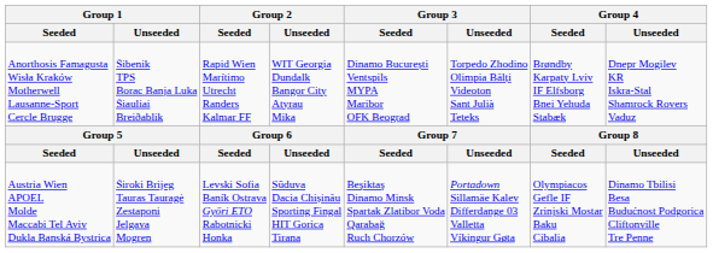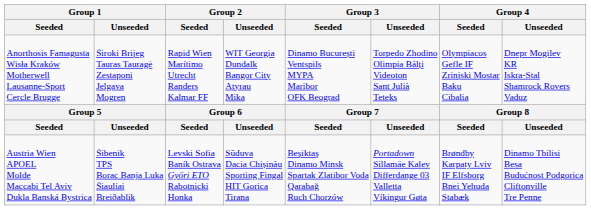 <table class="wikitable" style="font-size:85%">
 <tr>
 <th colspan=2>Group 1</th>
 <th colspan=2>Group 2</th>
 <th colspan=2>Group 3</th>
 <th colspan=2>Group 4</th>
 </tr>
 <tr>
 <th>Seeded</th>
 <th>Unseeded</th>
 <th>Seeded</th>
 <th>Unseeded</th>
 <th>Seeded</th>
 <th>Unseeded</th>
 <th>Seeded</th>
 <th>Unseeded</th>
 </tr>
 <tr>
 <td valign=top><br> <a href='#'>Anorthosis Famagusta</a><br>  <a href='#'>Wisła Kraków</a><br>  <a href='#'>Motherwell</a><br>  <a href='#'>Lausanne-Sport</a><br>  <a href='#'>Cercle Brugge</a></td>
-<td valign=top><br> <a href='#'>Šibenik</a><br>  <a href='#'>TPS</a><br>  <a href='#'>Borac Banja Luka</a><br>  <a href='#'>Šiauliai</a><br>  <a href='#'>Breiðablik</a></td>
+<td valign=top><br> <a href='#'>Široki Brijeg</a><br>  <a href='#'>Tauras Tauragė</a><br>  <a href='#'>Zestaponi</a><br>  <a href='#'>Jelgava</a><br>  <a href='#'>Mogren</a></td>
 <td valign=top><br> <a href='#'>Rapid Wien</a><br>  <a href='#'>Marítimo</a><br>  <a href='#'>Utrecht</a><br>  <a href='#'>Randers</a><br>  <a href='#'>Kalmar FF</a></td>
 <td valign=top><br> <a href='#'>WIT Georgia</a><br>  <a href='#'>Dundalk</a><br>  <a href='#'>Bangor City</a><br>  <a href='#'>Atyrau</a><br>  <a href='#'>Mika</a></td>
 <td valign=top><br> <a href='#'>Dinamo București</a><br>  <a href='#'>Ventspils</a><br>  <a href='#'>MYPA</a><br>  <a href='#'>Maribor</a><br>  <a href='#'>OFK Beograd</a></td>
 <td valign=top><br> <a href='#'>Torpedo Zhodino</a><br>  <a href='#'>Olimpia Bălți</a><br>  <a href='#'>Videoton</a><br>  <a href='#'>Sant Julià</a><br>  <a href='#'>Teteks</a></td>
-<td valign=top><br> <a href='#'>Brøndby</a><br>  <a href='#'>Karpaty Lviv</a><br>  <a href='#'>IF Elfsborg</a><br>  <a href='#'>Bnei Yehuda</a><br>  <a href='#'>Stabæk</a></td>
+<td valign=top><br> <a href='#'>Olympiacos</a><br>  <a href='#'>Gefle IF</a><br>  <a href='#'>Zrinjski Mostar</a><br>  <a href='#'>Baku</a><br>  <a href='#'>Cibalia</a></td>
 <td valign=top><br> <a href='#'>Dnepr Mogilev</a><br>  <a href='#'>KR</a><br>  <a href='#'>Iskra-Stal</a><br>  <a href='#'>Shamrock Rovers</a><br>  <a href='#'>Vaduz</a></td>
 </tr>
 <tr>
 <th colspan=2>Group 5</th>
 <th colspan=2>Group 6</th>
 <th colspan=2>Group 7</th>
 <th colspan=2>Group 8</th>
 </tr>
 <tr>
 <th>Seeded</th>
 <th>Unseeded</th>
 <th>Seeded</th>
 <th>Unseeded</th>
 <th>Seeded</th>
 <th>Unseeded</th>
 <th>Seeded</th>
 <th>Unseeded</th>
 </tr>
 <tr>
 <td valign=top><br> <a href='#'>Austria Wien</a><br>  <a href='#'>APOEL</a><br>  <a href='#'>Molde</a><br>  <a href='#'>Maccabi Tel Aviv</a><br>  <a href='#'>Dukla Banská Bystrica</a></td>
-<td valign=top><br> <a href='#'>Široki Brijeg</a><br>  <a href='#'>Tauras Tauragė</a><br>  <a href='#'>Zestaponi</a><br>  <a href='#'>Jelgava</a><br>  <a href='#'>Mogren</a></td>
+<td valign=top><br> <a href='#'>Šibenik</a><br>  <a href='#'>TPS</a><br>  <a href='#'>Borac Banja Luka</a><br>  <a href='#'>Šiauliai</a><br>  <a href='#'>Breiðablik</a></td>
 <td valign=top><br> <a href='#'>Levski Sofia</a><br>  <a href='#'>Baník Ostrava</a><br>  <em><a href='#'>Győri ETO</a></em><br>  <a href='#'>Rabotnicki</a><br>  <a href='#'>Honka</a></td>
 <td valign=top><br> <a href='#'>Sūduva</a><br>  <a href='#'>Dacia Chișinău</a><br>  <a href='#'>Sporting Fingal</a><br>  <a href='#'>HIT Gorica</a><br>  <a href='#'>Tirana</a></td>
 <td valign=top><br> <a href='#'>Beşiktaş</a><br>  <a href='#'>Dinamo Minsk</a><br>  <a href='#'>Spartak Zlatibor Voda</a><br>  <a href='#'>Qarabağ</a><br>  <a href='#'>Ruch Chorzów</a></td>
 <td valign=top><br> <em><a href='#'>Portadown</a></em><br>  <a href='#'>Sillamäe Kalev</a><br>  <a href='#'>Differdange 03</a><br>  <a href='#'>Valletta</a><br>  <a href='#'>Víkingur Gøta</a></td>
-<td valign=top><br> <a href='#'>Olympiacos</a><br>  <a href='#'>Gefle IF</a><br>  <a href='#'>Zrinjski Mostar</a><br>  <a href='#'>Baku</a><br>  <a href='#'>Cibalia</a></td>
+<td valign=top><br> <a href='#'>Brøndby</a><br>  <a href='#'>Karpaty Lviv</a><br>  <a href='#'>IF Elfsborg</a><br>  <a href='#'>Bnei Yehuda</a><br>  <a href='#'>Stabæk</a></td>
 <td valign=top><br> <a href='#'>Dinamo Tbilisi</a><br>  <a href='#'>Besa</a><br>  <a href='#'>Budućnost Podgorica</a><br>  <a href='#'>Cliftonville</a><br>  <a href='#'>Tre Penne</a></td>
 </tr>
 </table>
